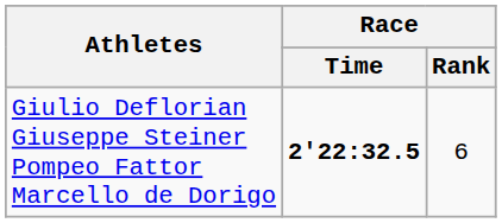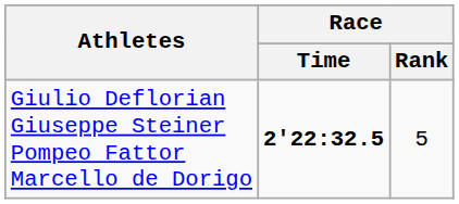 <table class="wikitable" border="1" style="font-size:90%">
 <tr>
 <th rowspan=2>Athletes</th>
 <th colspan=2>Race</th>
 </tr>
 <tr>
 <th>Time</th>
 <th>Rank</th>
 </tr>
 <tr>
 <td><a href='#'>Giulio Deflorian</a><br><a href='#'>Giuseppe Steiner</a><br><a href='#'>Pompeo Fattor</a><br><a href='#'>Marcello de Dorigo</a></td>
 <td align=center><strong>2'22:32.5</strong></td>
-<td align=center>6</td>
+<td align=center>5</td>
 </tr>
 </table>
